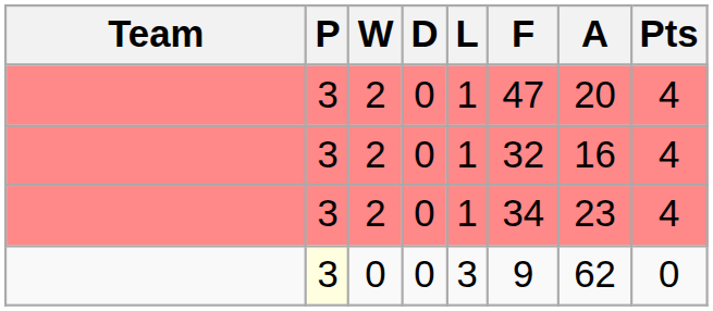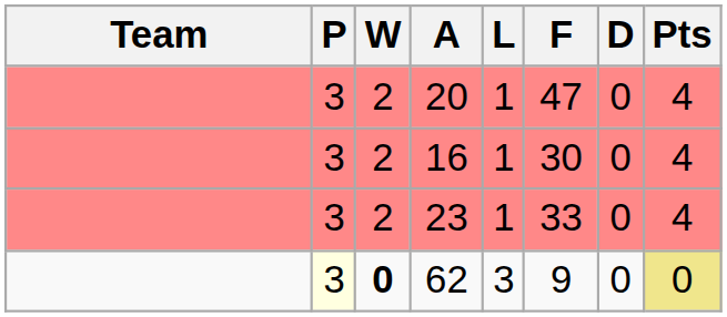 <table class="wikitable" style="text-align:center;">
 <tr>
 <th width="120px">Team</th>
 <th>P</th>
 <th>W</th>
-<th>D</th>
+<th width="23px">A</th>
 <th>L</th>
 <th width="23px">F</th>
-<th width="23px">A</th>
+<th>D</th>
 <th width="23px">Pts</th>
 </tr>
 <tr bgcolor="#FF8888">
 <td></td>
 <td>3</td>
 <td>2</td>
-<td>0</td>
+<td>20</td>
 <td>1</td>
 <td>47</td>
-<td>20</td>
+<td>0</td>
 <td>4</td>
 </tr>
 <tr bgcolor="#FF8888">
 <td></td>
 <td>3</td>
 <td>2</td>
+<td>16</td>
+<td>1</td>
+<td>30</td>
 <td>0</td>
-<td>1</td>
-<td>32</td>
-<td>16</td>
 <td>4</td>
 </tr>
 <tr bgcolor="#FF8888">
 <td></td>
 <td>3</td>
 <td>2</td>
+<td>23</td>
+<td>1</td>
+<td>33</td>
 <td>0</td>
-<td>1</td>
-<td>34</td>
-<td>23</td>
 <td>4</td>
 </tr>
 <tr>
 <td></td>
 <td style="background: lightyellow;">3</td>
-<td>0</td>
-<td>0</td>
+<td><strong>0</strong></td>
+<td>62</td>
 <td>3</td>
 <td>9</td>
-<td>62</td>
 <td>0</td>
+<td style="background: khaki;">0</td>
 </tr>
 </table>
